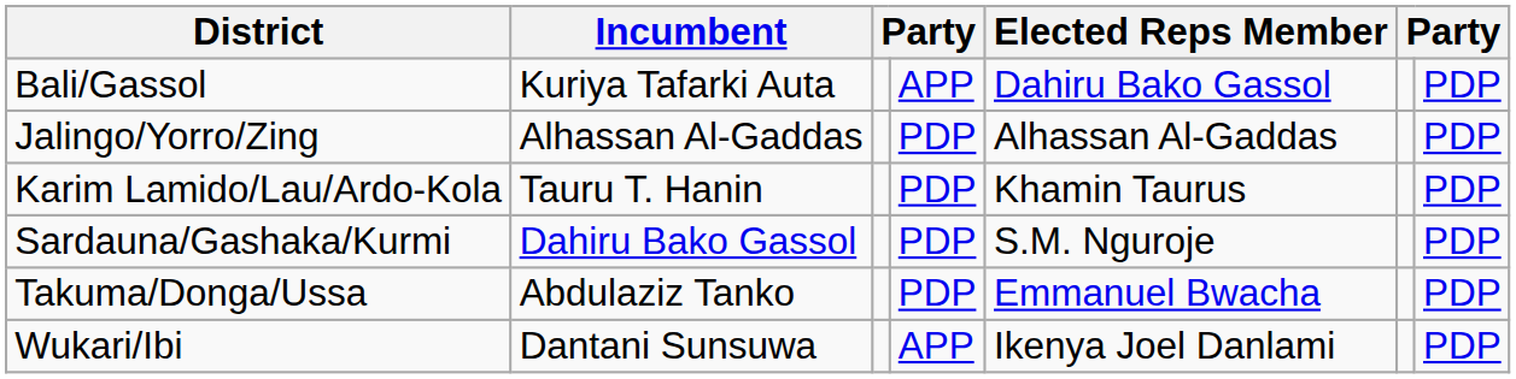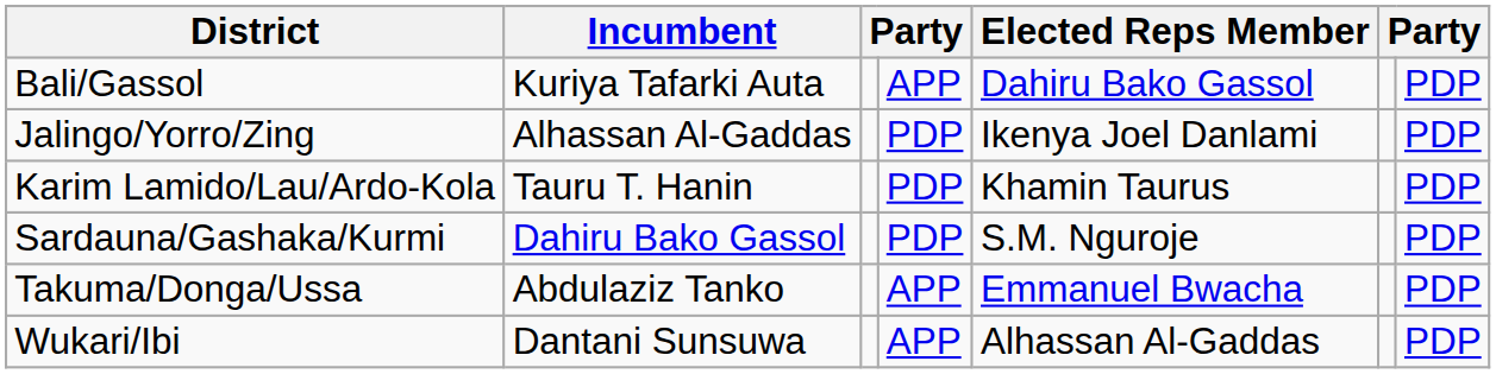 <table class="sortable wikitable" style="font-size:95%;line-height:14px;">
 <tr>
 <th class="unsortable">District</th>
 <th class="unsortable"><a href='#'>Incumbent</a></th>
 <th colspan="2">Party</th>
 <th class="unsortable">Elected Reps Member</th>
 <th colspan="2">Party</th>
 </tr>
 <tr>
 <td>Bali/Gassol</td>
 <td>Kuriya Tafarki Auta</td>
 <td style="background:"></td>
 <td><a href='#'>APP</a></td>
 <td><a href='#'>Dahiru Bako Gassol</a></td>
 <td style="background:"></td>
 <td><a href='#'>PDP</a></td>
 </tr>
 <tr>
 <td>Jalingo/Yorro/Zing</td>
 <td>Alhassan Al-Gaddas</td>
 <td style="background:"></td>
 <td><a href='#'>PDP</a></td>
-<td>Alhassan Al-Gaddas</td>
+<td>Ikenya Joel Danlami</td>
 <td style="background:"></td>
 <td><a href='#'>PDP</a></td>
 </tr>
 <tr>
 <td>Karim Lamido/Lau/Ardo-Kola</td>
 <td>Tauru T. Hanin</td>
 <td style="background:"></td>
 <td><a href='#'>PDP</a></td>
 <td>Khamin Taurus</td>
 <td style="background:"></td>
 <td><a href='#'>PDP</a></td>
 </tr>
 <tr>
 <td>Sardauna/Gashaka/Kurmi</td>
 <td><a href='#'>Dahiru Bako Gassol</a></td>
 <td style="background:"></td>
 <td><a href='#'>PDP</a></td>
 <td>S.M. Nguroje</td>
 <td style="background:"></td>
 <td><a href='#'>PDP</a></td>
 </tr>
 <tr>
 <td>Takuma/Donga/Ussa</td>
 <td>Abdulaziz Tanko</td>
 <td style="background:;"></td>
-<td><a href='#'>PDP</a></td>
+<td><a href='#'>APP</a></td>
 <td><a href='#'>Emmanuel Bwacha</a></td>
 <td style="background:"></td>
 <td><a href='#'>PDP</a></td>
 </tr>
 <tr>
 <td>Wukari/Ibi</td>
 <td>Dantani Sunsuwa</td>
 <td style="background:"></td>
 <td><a href='#'>APP</a></td>
-<td>Ikenya Joel Danlami</td>
+<td>Alhassan Al-Gaddas</td>
 <td style="background:"></td>
 <td><a href='#'>PDP</a></td>
 </tr>
 </table>
